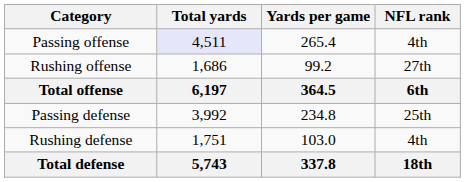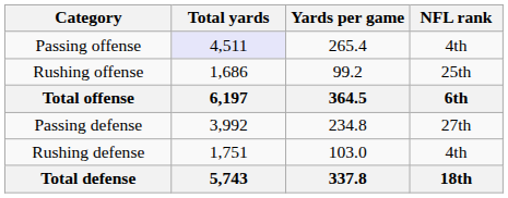 <table class="wikitable" style="text-align:center">
 <tr>
 <th width="150">Category</th>
 <th width="100">Total yards</th>
 <th width="110">Yards per game</th>
 <th width="80">NFL rank<br></th>
 </tr>
 <tr>
 <td>Passing offense</td>
 <td style="background: lavender;">4,511</td>
 <td>265.4</td>
 <td>4th</td>
 </tr>
 <tr>
 <td>Rushing offense</td>
 <td>1,686</td>
 <td>99.2</td>
-<td>27th</td>
+<td>25th</td>
 </tr>
 <tr>
 <th>Total offense</th>
 <th>6,197</th>
 <th>364.5</th>
 <th>6th</th>
 </tr>
 <tr>
 <td>Passing defense</td>
 <td>3,992</td>
 <td>234.8</td>
-<td>25th</td>
+<td>27th</td>
 </tr>
 <tr>
 <td>Rushing defense</td>
 <td>1,751</td>
 <td>103.0</td>
 <td>4th</td>
 </tr>
 <tr>
 <th>Total defense</th>
 <th>5,743</th>
 <th>337.8</th>
 <th>18th</th>
 </tr>
 </table>
